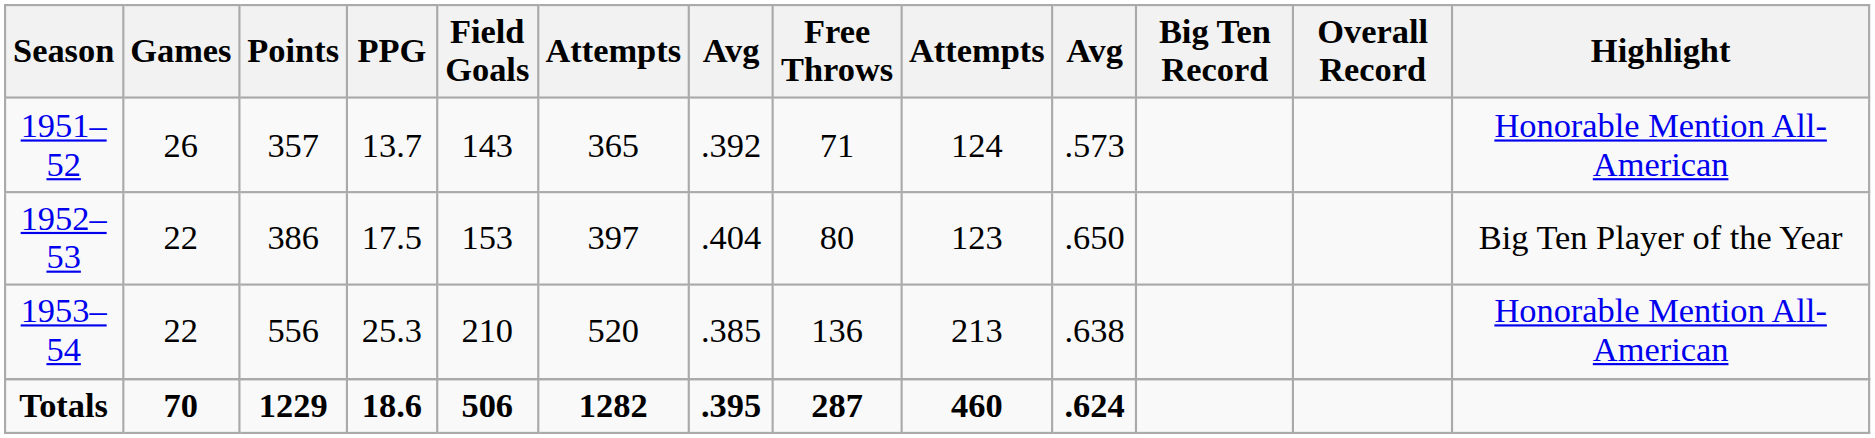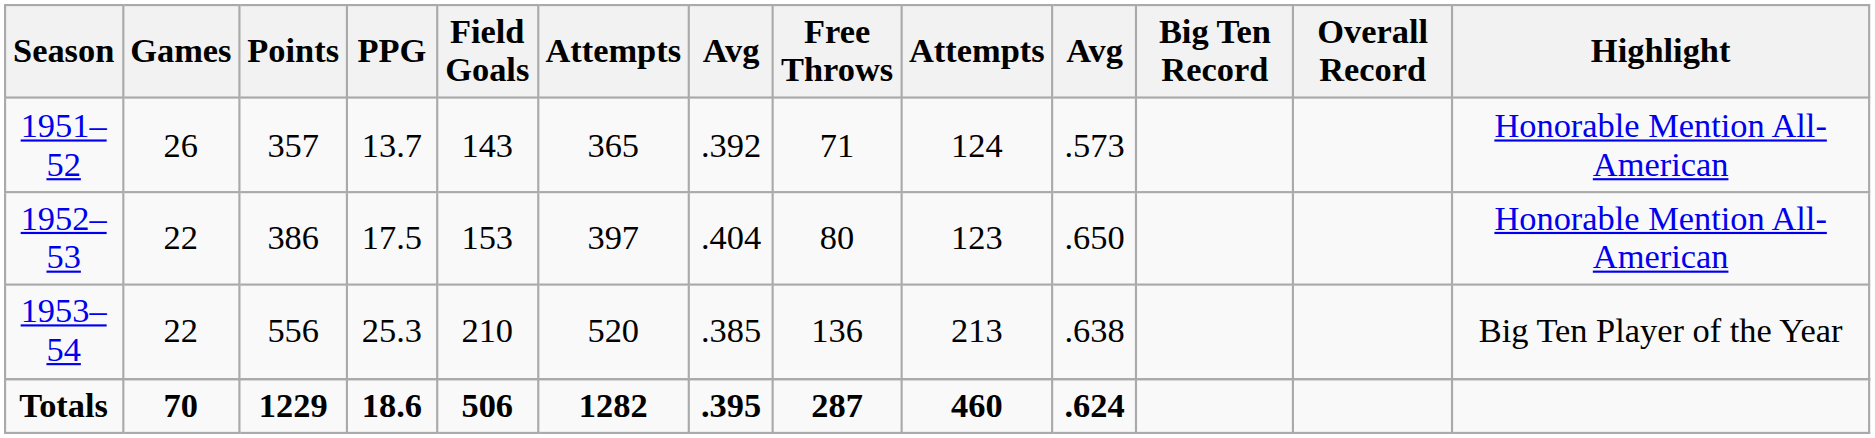 <table class="wikitable sortable" style="text-align:center">
 <tr>
 <th width=40px>Season</th>
 <th width=40px>Games</th>
 <th width=40px>Points</th>
 <th width=40px>PPG</th>
 <th width=40px>Field Goals</th>
 <th width=40px>Attempts</th>
 <th width=40px>Avg</th>
 <th width=40px>Free Throws</th>
 <th width=40px>Attempts</th>
 <th width=40px>Avg</th>
 <th width=100px>Big Ten <br>Record</th>
 <th width=100px>Overall <br>Record</th>
 <th width=450px>Highlight</th>
 </tr>
 <tr>
 <td><a href='#'>1951–52</a></td>
 <td>26</td>
 <td>357</td>
 <td>13.7</td>
 <td>143</td>
 <td>365</td>
 <td>.392</td>
 <td>71</td>
 <td>124</td>
 <td>.573</td>
 <td></td>
 <td></td>
 <td><a href='#'>Honorable Mention All-American</a></td>
 </tr>
 <tr>
 <td><a href='#'>1952–53</a></td>
 <td>22</td>
 <td>386</td>
 <td>17.5</td>
 <td>153</td>
 <td>397</td>
 <td>.404</td>
 <td>80</td>
 <td>123</td>
 <td>.650</td>
 <td></td>
 <td></td>
-<td>Big Ten Player of the Year</td>
+<td><a href='#'>Honorable Mention All-American</a></td>
 </tr>
 <tr>
 <td><a href='#'>1953–54</a></td>
 <td>22</td>
 <td>556</td>
 <td>25.3</td>
 <td>210</td>
 <td>520</td>
 <td>.385</td>
 <td>136</td>
 <td>213</td>
 <td>.638</td>
 <td></td>
 <td></td>
-<td><a href='#'>Honorable Mention All-American</a></td>
+<td>Big Ten Player of the Year</td>
 </tr>
 <tr>
 </tr>
 <tr class="sortbottom">
 <td><strong>Totals</strong></td>
 <td><strong>70</strong></td>
 <td><strong>1229</strong></td>
 <td><strong>18.6</strong></td>
 <td><strong>506</strong></td>
 <td><strong>1282</strong></td>
 <td><strong>.395</strong></td>
 <td><strong>287</strong></td>
 <td><strong>460</strong></td>
 <td><strong>.624</strong></td>
 <td><strong></strong></td>
 <td><strong></strong></td>
 <td></td>
 </tr>
 </table>
